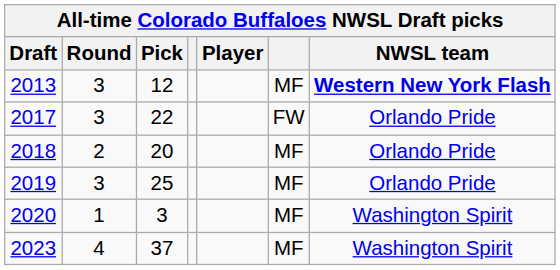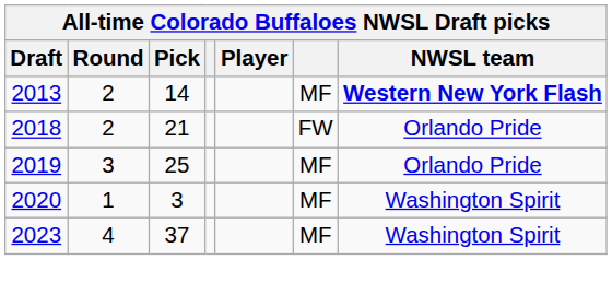 <table class="wikitable sortable" style="text-align: center;">
 <tr>
 <th colspan="7" style="background:#">All-time <a href='#'><span>Colorado Buffaloes</span></a> NWSL Draft picks</th>
 </tr>
 <tr>
 <th scope="col">Draft</th>
 <th scope="col">Round</th>
 <th scope="col">Pick</th>
 <th scope="col"></th>
 <th scope="col">Player</th>
 <th scope="col"></th>
 <th scope="col">NWSL team</th>
 </tr>
 <tr>
 <td><a href='#'>2013</a></td>
-<td>3</td>
-<td>12</td>
+<td>2</td>
+<td>14</td>
 <td></td>
 <td></td>
 <td>MF</td>
 <td><strong><a href='#'>Western New York Flash</a></strong></td>
 </tr>
 <tr>
-<td><a href='#'>2017</a></td>
-<td>3</td>
-<td>22</td>
+<td><a href='#'>2018</a></td>
+<td>2</td>
+<td>21</td>
 <td></td>
 <td></td>
 <td>FW</td>
-<td><a href='#'>Orlando Pride</a></td>
-</tr>
-<tr>
-<td><a href='#'>2018</a></td>
-<td>2</td>
-<td>20</td>
-<td></td>
-<td></td>
-<td>MF</td>
 <td><a href='#'>Orlando Pride</a></td>
 </tr>
 <tr>
 <td><a href='#'>2019</a></td>
 <td>3</td>
 <td>25</td>
 <td></td>
 <td></td>
 <td>MF</td>
 <td><a href='#'>Orlando Pride</a></td>
 </tr>
 <tr>
 <td><a href='#'>2020</a></td>
 <td>1</td>
 <td>3</td>
 <td></td>
 <td></td>
 <td>MF</td>
 <td><a href='#'>Washington Spirit</a></td>
 </tr>
 <tr>
 <td><a href='#'>2023</a></td>
 <td>4</td>
 <td>37</td>
 <td></td>
 <td></td>
 <td>MF</td>
 <td><a href='#'>Washington Spirit</a></td>
 </tr>
 </table>
